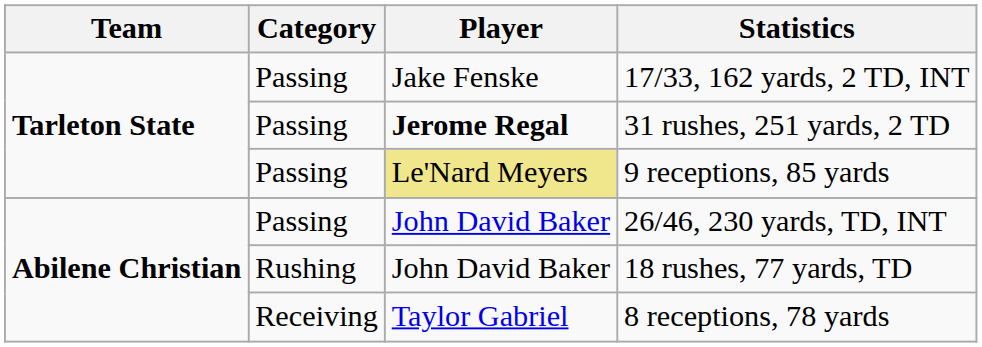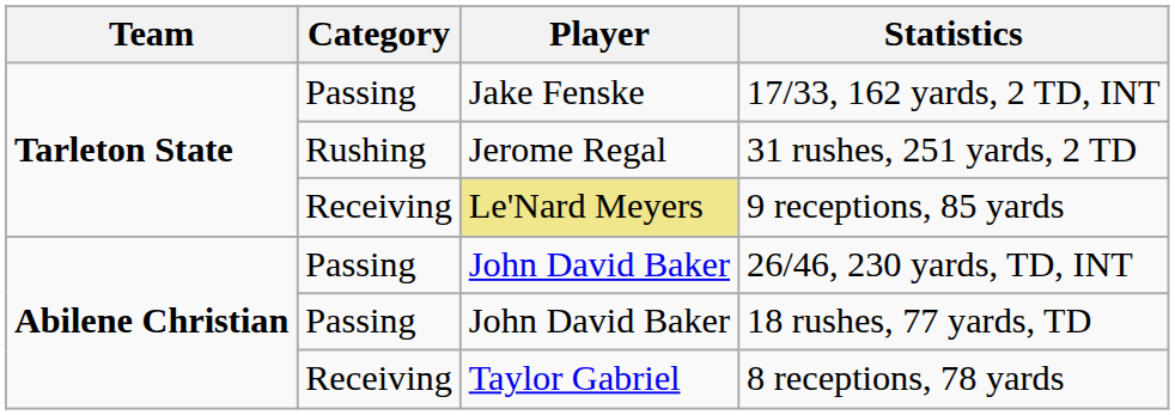 <table class="wikitable" style="float: left;">
 <tr>
 <th>Team</th>
 <th>Category</th>
 <th>Player</th>
 <th>Statistics</th>
 </tr>
 <tr>
 <td rowspan=3><strong>Tarleton State</strong></td>
 <td>Passing</td>
 <td>Jake Fenske</td>
 <td>17/33, 162 yards, 2 TD, INT</td>
 </tr>
 <tr>
-<td>Passing</td>
-<td><strong>Jerome Regal</strong></td>
+<td>Rushing</td>
+<td>Jerome Regal</td>
 <td>31 rushes, 251 yards, 2 TD</td>
 </tr>
 <tr>
-<td>Passing</td>
+<td>Receiving</td>
 <td style="background: khaki;">Le'Nard Meyers</td>
 <td>9 receptions, 85 yards</td>
 </tr>
 <tr>
 <td rowspan=3><strong>Abilene Christian</strong></td>
 <td>Passing</td>
 <td><a href='#'>John David Baker</a></td>
 <td>26/46, 230 yards, TD, INT</td>
 </tr>
 <tr>
-<td>Rushing</td>
+<td>Passing</td>
 <td>John David Baker</td>
 <td>18 rushes, 77 yards, TD</td>
 </tr>
 <tr>
 <td>Receiving</td>
 <td><a href='#'>Taylor Gabriel</a></td>
 <td>8 receptions, 78 yards</td>
 </tr>
 </table>
